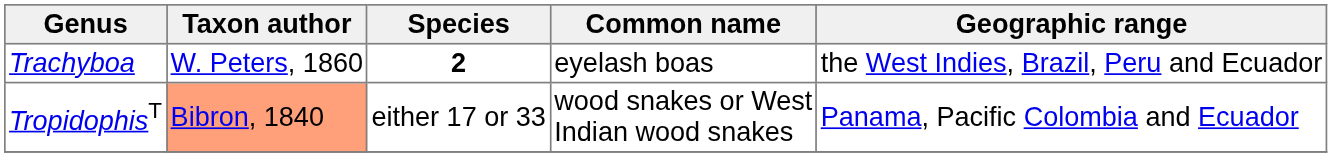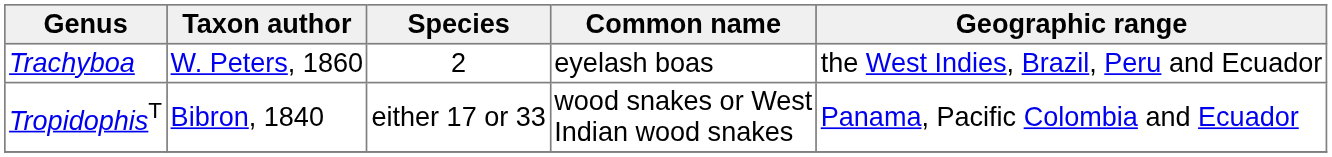 <table cellspacing=0 cellpadding=2 border=1 style="border-collapse: collapse;">
 <tr>
 <th bgcolor="#f0f0f0">Genus</th>
 <th bgcolor="#f0f0f0">Taxon author</th>
 <th bgcolor="#f0f0f0">Species</th>
 <th bgcolor="#f0f0f0">Common name</th>
 <th bgcolor="#f0f0f0">Geographic range</th>
 </tr>
 <tr>
 <td><em><a href='#'>Trachyboa</a></em></td>
 <td><a href='#'>W. Peters</a>, 1860</td>
-<td align="center"><strong>2</strong></td>
+<td align="center">2</td>
 <td>eyelash boas</td>
 <td>the <a href='#'>West Indies</a>, <a href='#'>Brazil</a>, <a href='#'>Peru</a> and Ecuador</td>
 </tr>
 <tr>
 <td><em><a href='#'>Tropidophis</a></em><span><sup>T</sup></span></td>
-<td style="background: lightsalmon;"><a href='#'>Bibron</a>, 1840</td>
+<td><a href='#'>Bibron</a>, 1840</td>
 <td align="center">either 17 or 33</td>
 <td>wood snakes or West<br>Indian wood snakes</td>
 <td><a href='#'>Panama</a>, Pacific <a href='#'>Colombia</a> and <a href='#'>Ecuador</a></td>
 </tr>
 <tr>
 </tr>
 </table>
